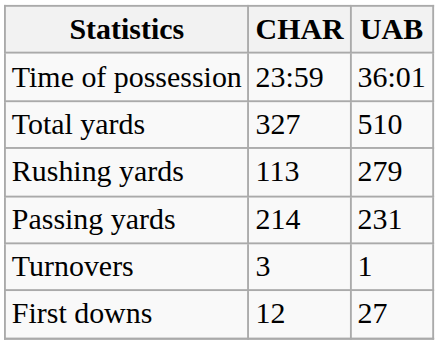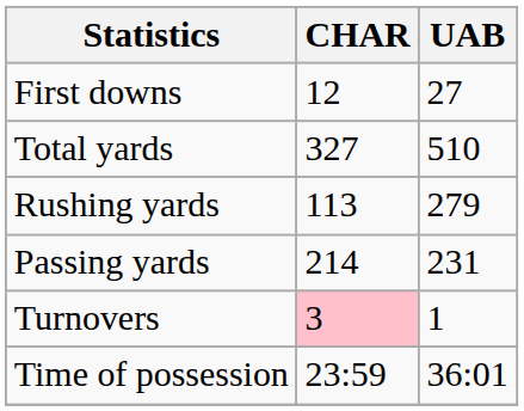 <table class="wikitable" style="float: left;">
 <tr>
 <th>Statistics</th>
 <th>CHAR</th>
 <th>UAB</th>
 </tr>
 <tr>
-<td>Time of possession</td>
-<td>23:59</td>
-<td>36:01</td>
+<td>First downs</td>
+<td>12</td>
+<td>27</td>
 </tr>
 <tr>
 <td>Total yards</td>
 <td>327</td>
 <td>510</td>
 </tr>
 <tr>
 <td>Rushing yards</td>
 <td>113</td>
 <td>279</td>
 </tr>
 <tr>
 <td>Passing yards</td>
 <td>214</td>
 <td>231</td>
 </tr>
 <tr>
 <td>Turnovers</td>
-<td>3</td>
+<td style="background: pink;">3</td>
 <td>1</td>
 </tr>
 <tr>
-<td>First downs</td>
-<td>12</td>
-<td>27</td>
+<td>Time of possession</td>
+<td>23:59</td>
+<td>36:01</td>
 </tr>
 <tr>
 </tr>
 </table>
